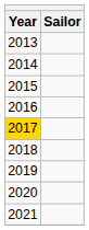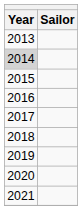 <table class="sortable wikitable">
 <tr>
 <th colspan="2"></th>
 </tr>
 <tr>
 <th>Year</th>
 <th>Sailor</th>
 </tr>
 <tr>
 <td>2013</td>
 <td></td>
 </tr>
 <tr>
-<td>2014</td>
+<td style="background: lightgrey;">2014</td>
 <td></td>
 </tr>
 <tr>
 <td>2015</td>
 <td></td>
 </tr>
 <tr>
 <td>2016</td>
 <td></td>
 </tr>
 <tr>
-<td style="background: gold;">2017</td>
+<td>2017</td>
 <td></td>
 </tr>
 <tr>
 <td>2018</td>
 <td></td>
 </tr>
 <tr>
 <td>2019</td>
 <td></td>
 </tr>
 <tr>
 <td>2020</td>
 <td></td>
 </tr>
 <tr>
 <td>2021</td>
 <td></td>
 </tr>
 <tr>
 </tr>
 </table>
